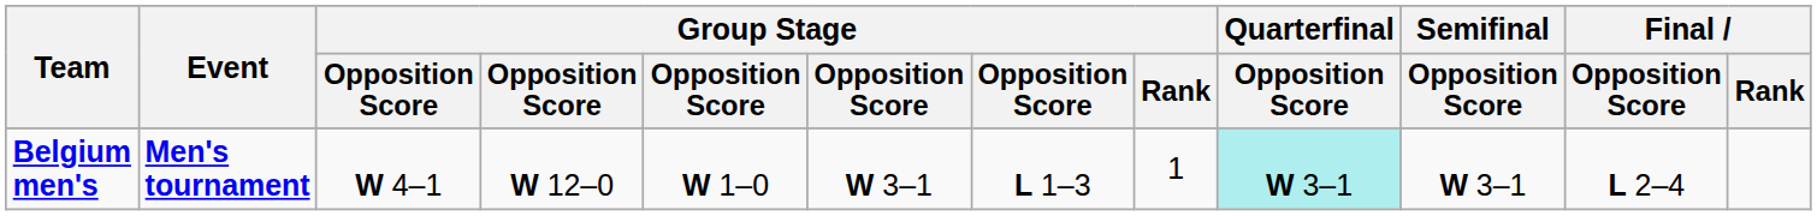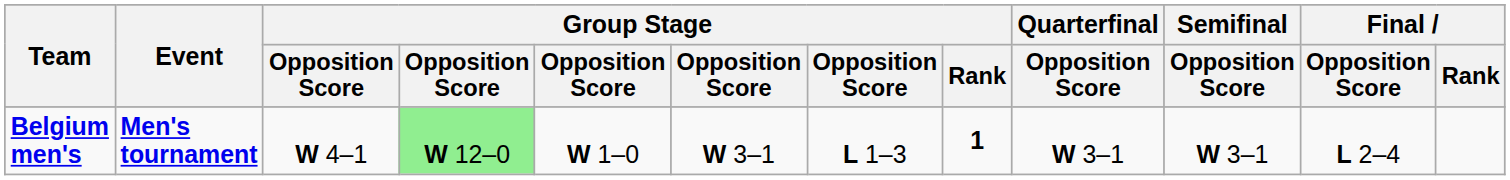 <table class="wikitable" style="font-size:90%">
 <tr>
 <th rowspan=2>Team</th>
 <th rowspan=2>Event</th>
 <th colspan=6>Group Stage</th>
 <th>Quarterfinal</th>
 <th>Semifinal</th>
 <th colspan=2>Final / </th>
 </tr>
 <tr style="font-size:95%">
 <th>Opposition<br>Score</th>
 <th>Opposition<br>Score</th>
 <th>Opposition<br>Score</th>
 <th>Opposition<br>Score</th>
 <th>Opposition<br>Score</th>
 <th>Rank</th>
 <th>Opposition<br>Score</th>
 <th>Opposition<br>Score</th>
 <th>Opposition<br>Score</th>
 <th>Rank</th>
 </tr>
 <tr align=center>
 <td align=left><strong><a href='#'>Belgium men's</a></strong></td>
 <td align=left><strong><a href='#'>Men's tournament</a></strong></td>
 <td><br><strong>W</strong> 4–1</td>
-<td><br><strong>W</strong> 12–0</td>
+<td style="background: lightgreen;"><br><strong>W</strong> 12–0</td>
 <td><br><strong>W</strong> 1–0</td>
 <td><br><strong>W</strong> 3–1</td>
 <td><br><strong>L</strong> 1–3</td>
-<td>1</td>
-<td style="background: paleturquoise;"><br><strong>W</strong> 3–1</td>
+<td><strong>1</strong></td>
+<td><br><strong>W</strong> 3–1</td>
 <td><br><strong>W</strong> 3–1</td>
 <td><br><strong>L</strong> 2–4</td>
 <td></td>
 </tr>
 </table>
